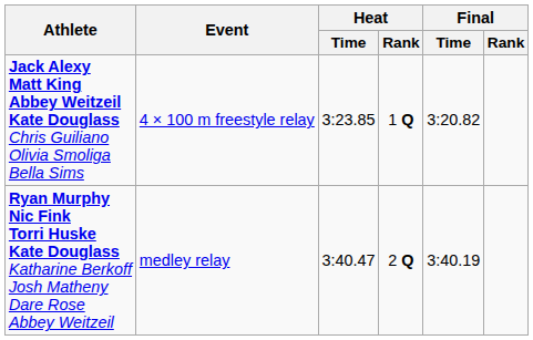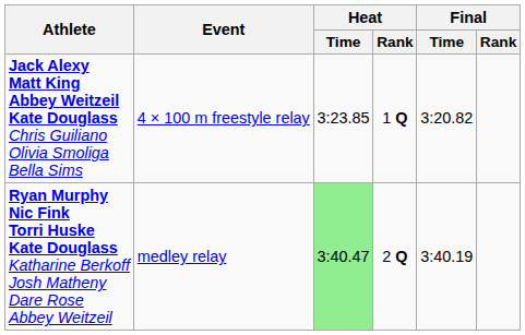 <table class="wikitable" style="text-align:center; font-size:90%;">
 <tr>
 <th rowspan="2">Athlete</th>
 <th rowspan="2">Event</th>
 <th colspan="2">Heat</th>
 <th colspan="2">Final</th>
 </tr>
 <tr style="font-size:95%">
 <th>Time</th>
 <th>Rank</th>
 <th>Time</th>
 <th>Rank</th>
 </tr>
 <tr>
 <td align=left><strong><a href='#'>Jack Alexy</a><br><a href='#'>Matt King</a><br><a href='#'>Abbey Weitzeil</a><br><a href='#'>Kate Douglass</a></strong><br><em><a href='#'>Chris Guiliano</a><br><a href='#'>Olivia Smoliga</a><br><a href='#'>Bella Sims</a></em></td>
 <td align=left><a href='#'>4 × 100 m freestyle relay</a></td>
 <td>3:23.85</td>
 <td>1 <strong>Q</strong></td>
 <td>3:20.82</td>
 <td></td>
 </tr>
 <tr>
 <td align=left><strong><a href='#'>Ryan Murphy</a><br><a href='#'>Nic Fink</a><br><a href='#'>Torri Huske</a><br><a href='#'>Kate Douglass</a></strong><br><em><a href='#'>Katharine Berkoff</a><br><a href='#'>Josh Matheny</a><br><a href='#'>Dare Rose</a><br><a href='#'>Abbey Weitzeil</a></em></td>
 <td align=left><a href='#'> medley relay</a></td>
-<td>3:40.47</td>
+<td style="background: lightgreen;">3:40.47</td>
 <td>2 <strong>Q</strong></td>
 <td>3:40.19</td>
 <td></td>
 </tr>
 </table>
